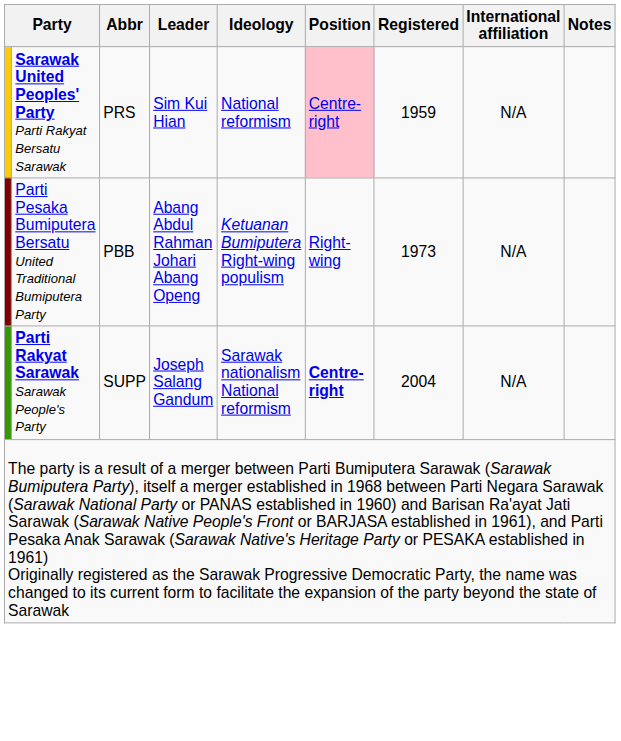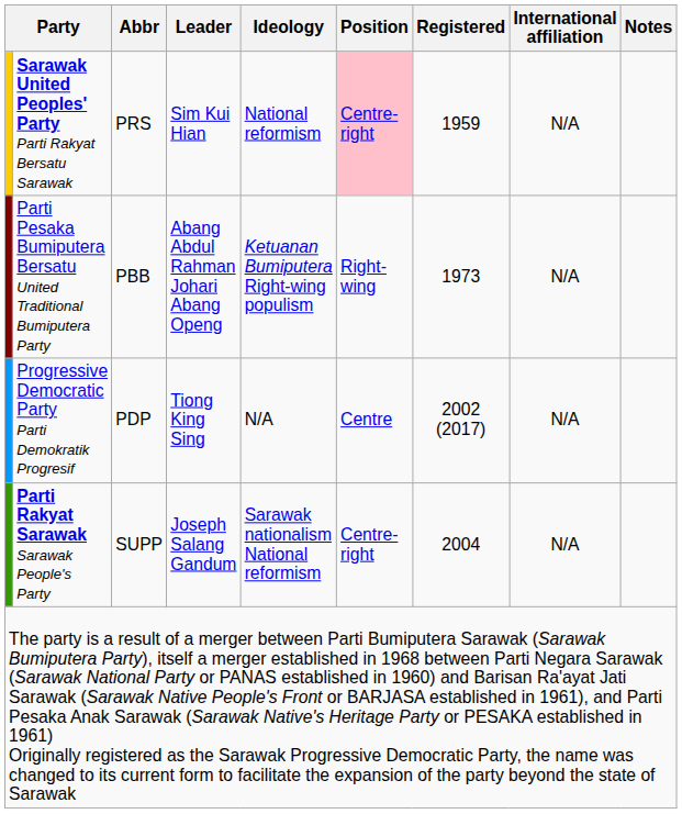 <table class="wikitable sortable collapsible collapsed" width="100%">
 <tr>
 <th colspan="2" scope="col" class="unsortable" width="20px">Party</th>
 <th scope="col" class="unsortable">Abbr</th>
 <th scope="col" class="unsortable">Leader</th>
 <th scope="col" class="unsortable">Ideology</th>
 <th scope="col" class="unsortable">Position</th>
 <th data-sort-type="number" width="10%">Registered</th>
 <th scope="col" class="unsortable">International<br>affiliation</th>
 <th scope="col" class="unsortable">Notes</th>
 </tr>
 <tr>
 <th style="background-color:#ffcc00;"></th>
 <td><strong><a href='#'>Sarawak United Peoples' Party</a></strong><br> <small><em>Parti Rakyat Bersatu Sarawak</em></small></td>
 <td>PRS</td>
 <td><a href='#'>Sim Kui Hian</a></td>
 <td><a href='#'>National reformism</a></td>
 <td style="background: pink;"><a href='#'>Centre-right</a></td>
 <td style="text-align:center;">1959</td>
 <td style="text-align:center;">N/A</td>
 <td style="text-align:center;"></td>
 </tr>
 <tr>
 <th style="background-color:#800000;"></th>
 <td><a href='#'>Parti Pesaka Bumiputera Bersatu</a><br> <small><em>United Traditional Bumiputera Party</em></small></td>
 <td>PBB</td>
 <td><a href='#'>Abang Abdul Rahman Johari Abang Openg</a></td>
 <td><a href='#'><em>Ketuanan Bumiputera</em></a> <br> <a href='#'>Right-wing populism</a></td>
 <td><a href='#'>Right-wing</a></td>
 <td style="text-align:center;">1973</td>
 <td style="text-align:center;">N/A</td>
 <td style="text-align:center;"></td>
 </tr>
 <tr>
+<th style="background-color:#0099ff;"></th>
+<td><a href='#'>Progressive Democratic Party</a><br> <small><em>Parti Demokratik Progresif</em></small></td>
+<td>PDP</td>
+<td><a href='#'>Tiong King Sing</a></td>
+<td>N/A</td>
+<td><a href='#'>Centre</a></td>
+<td style="text-align:center;">2002 (2017)</td>
+<td style="text-align:center;">N/A</td>
+<td style="text-align:center;"></td>
+</tr>
+<tr>
 <th style="background-color:#339900;"></th>
 <td><strong><a href='#'>Parti Rakyat Sarawak</a></strong><br> <small><em>Sarawak People's Party</em></small></td>
 <td>SUPP</td>
 <td><a href='#'>Joseph Salang Gandum</a></td>
 <td><a href='#'>Sarawak nationalism</a> <br> <a href='#'>National reformism</a></td>
-<td><strong><a href='#'>Centre-right</a></strong></td>
+<td><a href='#'>Centre-right</a></td>
 <td style="text-align:center;">2004</td>
 <td style="text-align:center;">N/A</td>
 <td style="text-align:center;"></td>
 </tr>
 <tr>
 <td colspan=9><br> The party is a result of a merger between Parti Bumiputera Sarawak (<em>Sarawak Bumiputera Party</em>), itself a merger established in 1968 between Parti Negara Sarawak (<em>Sarawak National Party</em> or PANAS established in 1960) and Barisan Ra'ayat Jati Sarawak (<em>Sarawak Native People's Front</em> or BARJASA established in 1961), and Parti Pesaka Anak Sarawak (<em>Sarawak Native's Heritage Party</em> or PESAKA established in 1961)<br>  Originally registered as the Sarawak Progressive Democratic Party, the name was changed to its current form to facilitate the expansion of the party beyond the state of Sarawak<br></td>
 </tr>
 </table>
